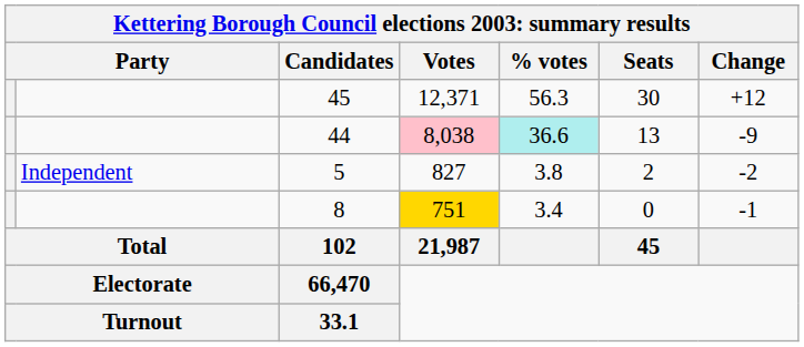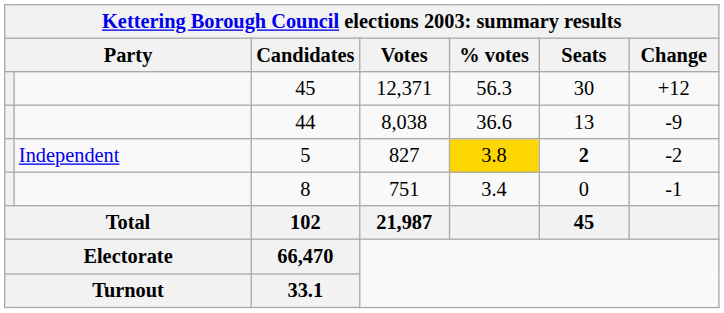 <table class="wikitable" style="font-size: 95%;">
 <tr style="background-color:#E9E9E9">
 <th colspan="7"><a href='#'>Kettering Borough Council</a> elections 2003: summary results</th>
 </tr>
 <tr style="background-color:#E9E9E9">
 <th colspan="2">Party</th>
 <th style="width: 60px">Candidates</th>
 <th style="width: 60px">Votes</th>
 <th style="width: 60px">% votes</th>
 <th style="width: 60px">Seats</th>
 <th style="width: 60px">Change</th>
 </tr>
 <tr>
 <th style="background-color: "></th>
 <td style="width: 170px"><a href='#'></a></td>
 <td align="center">45</td>
 <td align="center">12,371</td>
 <td align="center">56.3</td>
 <td align="center">30</td>
 <td align="center">+12</td>
 </tr>
 <tr>
 <th style="background-color: "></th>
 <td style="width: 170px"><a href='#'></a></td>
 <td align="center">44</td>
-<td align="center" style="background: pink;">8,038</td>
-<td align="center" style="background: paleturquoise;">36.6</td>
+<td align="center">8,038</td>
+<td align="center">36.6</td>
 <td align="center">13</td>
 <td align="center">-9</td>
 </tr>
 <tr>
 <th style="background-color: "></th>
 <td style="width: 170px"><a href='#'>Independent</a></td>
 <td align="center">5</td>
 <td align="center">827</td>
-<td align="center">3.8</td>
-<td align="center">2</td>
+<td align="center" style="background: gold;">3.8</td>
+<td align="center"><strong>2</strong></td>
 <td align="center">-2</td>
 </tr>
 <tr>
 <th style="background-color: "></th>
 <td style="width: 170px"><a href='#'></a></td>
 <td align="center">8</td>
-<td align="center" style="background: gold;">751</td>
+<td align="center">751</td>
 <td align="center">3.4</td>
 <td align="center">0</td>
 <td align="center">-1</td>
 </tr>
 <tr style="background-color:#E9E9E9">
 <th colspan="2">Total</th>
 <th style="width: 60px">102</th>
 <th style="width: 60px">21,987</th>
 <th style="width: 60px"></th>
 <th style="width: 60px">45</th>
 <th style="width: 60px"></th>
 </tr>
 <tr style="background-color:#E9E9E9">
 <th colspan="2">Electorate</th>
 <th style="width: 60px">66,470</th>
 </tr>
 <tr style="background-color:#E9E9E9">
 <th colspan="2">Turnout</th>
 <th style="width: 60px">33.1</th>
 </tr>
 </table>
